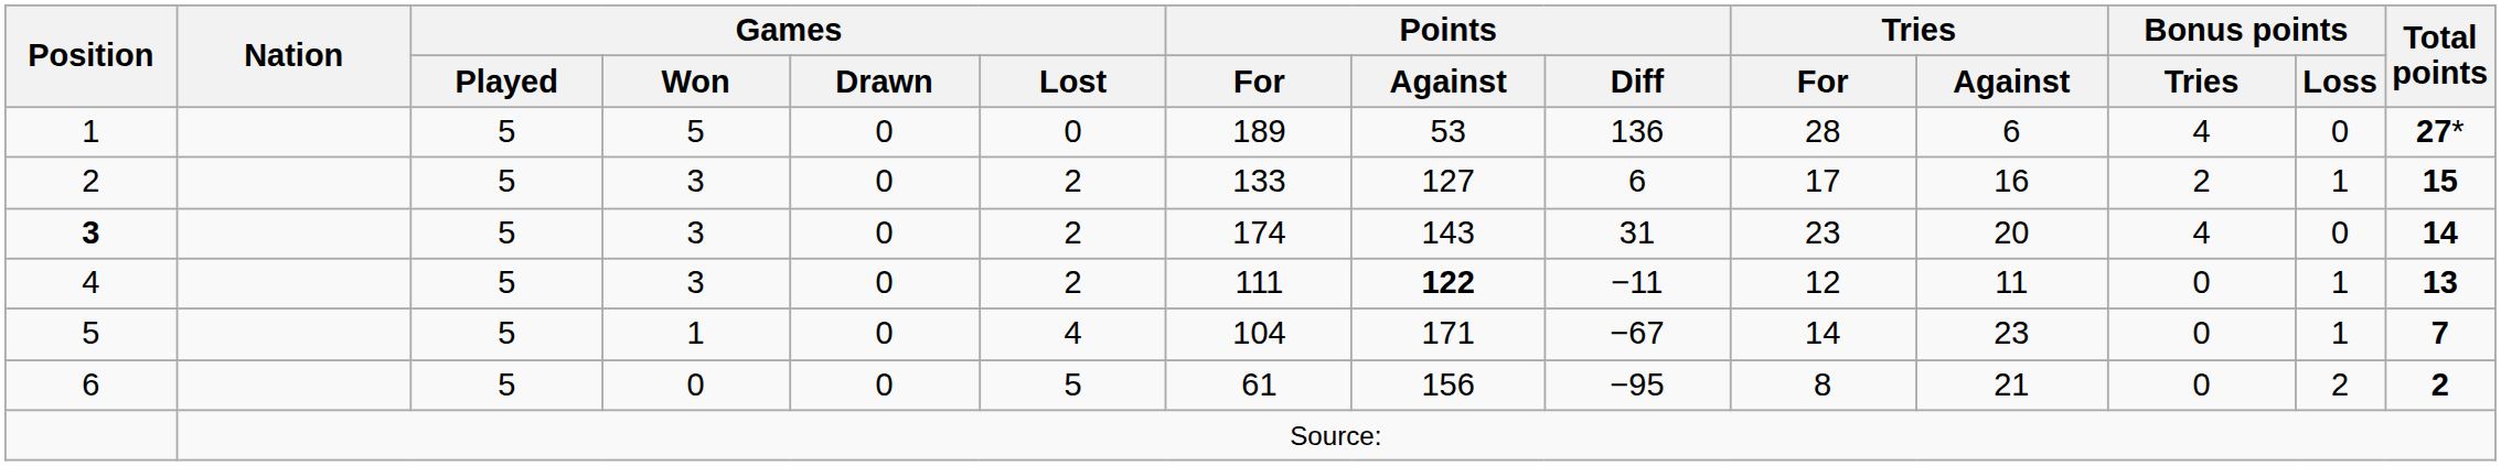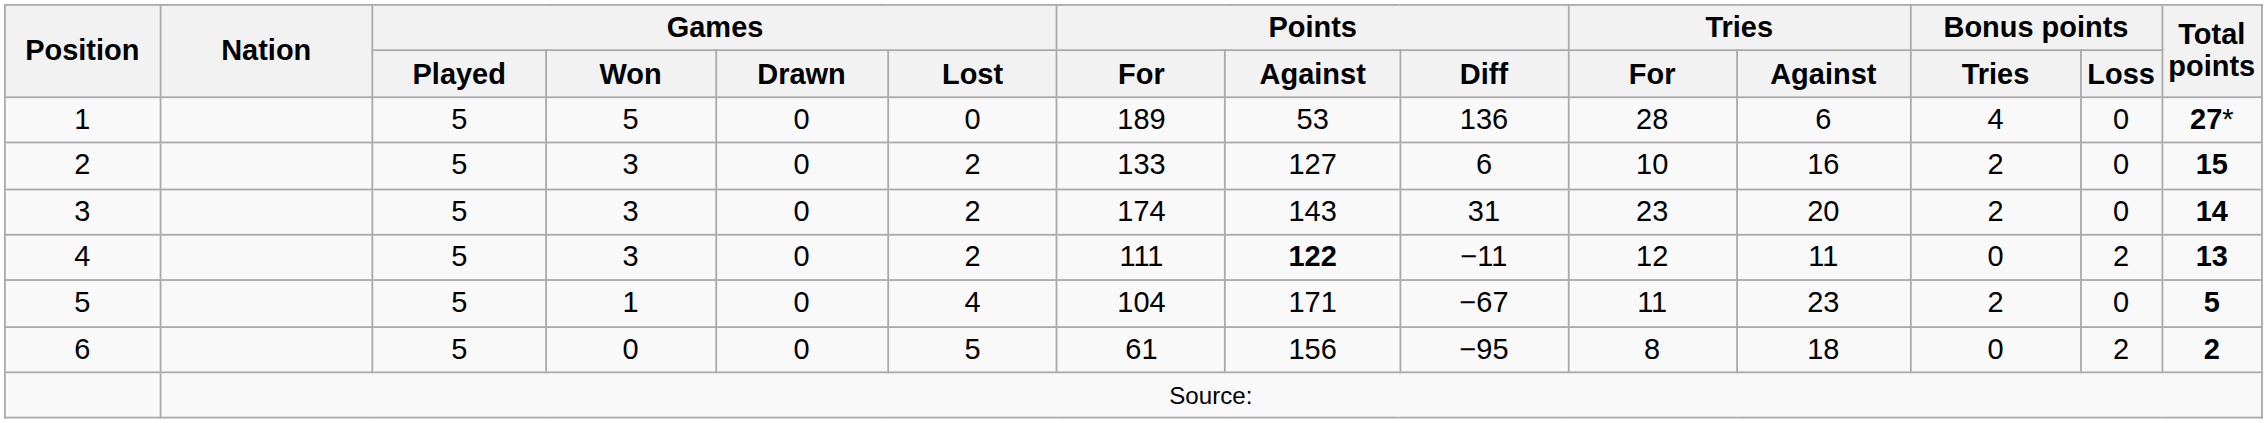 <table class="wikitable" style="text-align:center">
 <tr>
 <th rowspan="2" style="width:7%">Position</th>
 <th rowspan="2" style="width:10%">Nation</th>
 <th colspan="4" style="width:22%">Games</th>
 <th colspan="3" style="width:22%">Points</th>
 <th colspan="2" style="width:8%">Tries</th>
 <th colspan="2" style="width:18%">Bonus points <br></th>
 <th rowspan="2" style="width:10%">Total<br>points</th>
 </tr>
 <tr>
 <th style="width:8%">Played</th>
 <th style="width:8%">Won</th>
 <th style="width:8%">Drawn</th>
 <th style="width:8%">Lost</th>
 <th style="width:8%">For</th>
 <th style="width:8%">Against</th>
 <th style="width:8%">Diff</th>
 <th style="width:8%">For</th>
 <th style="width:8%">Against</th>
 <th style="width:8%">Tries</th>
 <th style="width:8%">Loss</th>
 </tr>
 <tr>
 <td>1</td>
 <td align="left"></td>
 <td>5</td>
 <td>5</td>
 <td>0</td>
 <td>0</td>
 <td>189</td>
 <td>53</td>
 <td>136</td>
 <td>28</td>
 <td>6</td>
 <td>4</td>
 <td>0</td>
 <td><strong>27</strong>*</td>
 </tr>
 <tr>
 <td>2</td>
 <td align="left"></td>
 <td>5</td>
 <td>3</td>
 <td>0</td>
 <td>2</td>
 <td>133</td>
 <td>127</td>
 <td>6</td>
-<td>17</td>
+<td>10</td>
 <td>16</td>
 <td>2</td>
-<td>1</td>
+<td>0</td>
 <td><strong>15</strong></td>
 </tr>
 <tr>
-<td><strong>3</strong></td>
+<td>3</td>
 <td align="left"></td>
 <td>5</td>
 <td>3</td>
 <td>0</td>
 <td>2</td>
 <td>174</td>
 <td>143</td>
 <td>31</td>
 <td>23</td>
 <td>20</td>
-<td>4</td>
+<td>2</td>
 <td>0</td>
 <td><strong>14</strong></td>
 </tr>
 <tr>
 <td>4</td>
 <td align="left"></td>
 <td>5</td>
 <td>3</td>
 <td>0</td>
 <td>2</td>
 <td>111</td>
 <td><strong>122</strong></td>
 <td>−11</td>
 <td>12</td>
 <td>11</td>
 <td>0</td>
-<td>1</td>
+<td>2</td>
 <td><strong>13</strong></td>
 </tr>
 <tr>
 <td>5</td>
 <td align="left"></td>
 <td>5</td>
 <td>1</td>
 <td>0</td>
 <td>4</td>
 <td>104</td>
 <td>171</td>
 <td>−67</td>
-<td>14</td>
+<td>11</td>
 <td>23</td>
+<td>2</td>
 <td>0</td>
-<td>1</td>
-<td><strong>7</strong></td>
+<td><strong>5</strong></td>
 </tr>
 <tr>
 <td>6</td>
 <td align="left"></td>
 <td>5</td>
 <td>0</td>
 <td>0</td>
 <td>5</td>
 <td>61</td>
 <td>156</td>
 <td>−95</td>
 <td>8</td>
-<td>21</td>
+<td>18</td>
 <td>0</td>
 <td>2</td>
 <td><strong>2</strong></td>
 </tr>
 <tr>
 <td></td>
 <td colspan="13"><small>Source: </small></td>
 </tr>
 </table>
